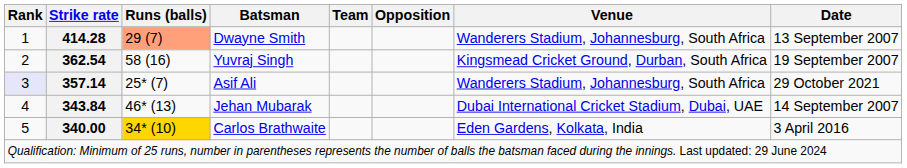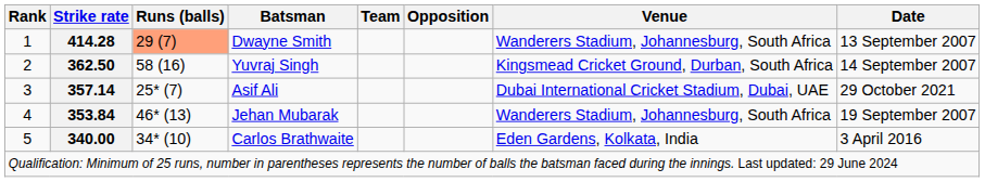 <table class="wikitable sortable">
 <tr>
 <th>Rank</th>
 <th><a href='#'>Strike rate</a></th>
 <th>Runs (balls)</th>
 <th>Batsman</th>
 <th>Team</th>
 <th>Opposition</th>
 <th>Venue</th>
 <th>Date</th>
 </tr>
 <tr>
 <td align=center>1</td>
 <th scope="row">414.28</th>
 <td style="background: lightsalmon;">29 (7)</td>
 <td><a href='#'>Dwayne Smith</a></td>
 <td></td>
 <td></td>
 <td><a href='#'>Wanderers Stadium</a>, <a href='#'>Johannesburg</a>, South Africa</td>
 <td>13 September 2007</td>
 </tr>
 <tr>
 <td align=center>2</td>
-<th scope="row">362.54</th>
+<th scope="row">362.50</th>
 <td>58 (16)</td>
 <td><a href='#'>Yuvraj Singh</a></td>
 <td></td>
 <td></td>
 <td><a href='#'>Kingsmead Cricket Ground</a>, <a href='#'>Durban</a>, South Africa</td>
-<td>19 September 2007</td>
+<td>14 September 2007</td>
 </tr>
 <tr>
-<td align=center style="background: lavender;">3</td>
+<td align=center>3</td>
 <th scope="row">357.14</th>
 <td>25* (7)</td>
 <td><a href='#'>Asif Ali</a></td>
 <td></td>
 <td></td>
-<td><a href='#'>Wanderers Stadium</a>, <a href='#'>Johannesburg</a>, South Africa</td>
+<td><a href='#'>Dubai International Cricket Stadium</a>, <a href='#'>Dubai</a>, UAE</td>
 <td>29 October 2021</td>
 </tr>
 <tr>
 <td align=center>4</td>
-<th scope="row">343.84</th>
+<th scope="row">353.84</th>
 <td>46* (13)</td>
 <td><a href='#'>Jehan Mubarak</a></td>
 <td></td>
 <td></td>
-<td><a href='#'>Dubai International Cricket Stadium</a>, <a href='#'>Dubai</a>, UAE</td>
-<td>14 September 2007</td>
+<td><a href='#'>Wanderers Stadium</a>, <a href='#'>Johannesburg</a>, South Africa</td>
+<td>19 September 2007</td>
 </tr>
 <tr>
 <td align=center>5</td>
 <th scope="row">340.00</th>
-<td style="background: gold;">34* (10)</td>
+<td>34* (10)</td>
 <td><a href='#'>Carlos Brathwaite</a></td>
 <td></td>
 <td></td>
 <td><a href='#'>Eden Gardens</a>, <a href='#'>Kolkata</a>, India</td>
 <td>3 April 2016</td>
 </tr>
 <tr class="sortbottom">
 <td scope="row" colspan=9><small><em> Qualification: Minimum of 25 runs, number in parentheses represents the number of balls the batsman faced during the innings.</em> Last updated: 29 June 2024</small></td>
 </tr>
 </table>
